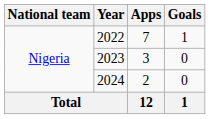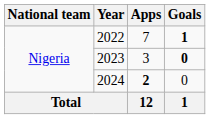 <table class=wikitable style=text-align:center>
 <tr>
 <th>National team</th>
 <th>Year</th>
 <th>Apps</th>
 <th>Goals</th>
 </tr>
 <tr>
 <td rowspan="3"><a href='#'>Nigeria</a></td>
 <td>2022</td>
 <td>7</td>
-<td>1</td>
+<td><strong>1</strong></td>
 </tr>
 <tr>
 <td>2023</td>
 <td>3</td>
-<td>0</td>
+<td><strong>0</strong></td>
 </tr>
 <tr>
 <td>2024</td>
-<td>2</td>
+<td><strong>2</strong></td>
 <td>0</td>
 </tr>
 <tr>
 <th colspan="2">Total</th>
 <th>12</th>
 <th>1</th>
 </tr>
 </table>
